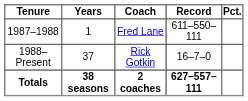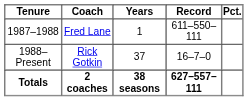 <table cellpadding="1" border="1" cellspacing="0" width="60%">
 <tr>
 <th>Tenure</th>
+<th>Coach</th>
 <th>Years</th>
-<th>Coach</th>
 <th>Record</th>
 <th>Pct.</th>
 </tr>
 <tr align="center">
 <td>1987–1988</td>
+<td><a href='#'>Fred Lane</a></td>
 <td>1</td>
-<td><a href='#'>Fred Lane</a></td>
 <td>611–550–111</td>
 <td></td>
 </tr>
 <tr align="center">
 <td>1988–Present</td>
+<td><a href='#'>Rick Gotkin</a></td>
 <td>37</td>
-<td><a href='#'>Rick Gotkin</a></td>
 <td>16–7–0</td>
 <td></td>
 </tr>
 <tr align=center>
 <th>Totals</th>
+<th>2 coaches</th>
 <th>38 seasons</th>
-<th>2 coaches</th>
 <th>627–557–111</th>
 <th></th>
 </tr>
 </table>
